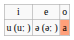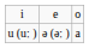 <table class="wikitable"style="text-align: center;">
 <tr>
 <td>i</td>
 <td>e</td>
 <td>o</td>
 </tr>
 <tr>
 <td>u (uː )</td>
 <td>ə (əː )</td>
-<td style="background: lightsalmon;">a</td>
+<td>a</td>
 </tr>
 </table>
